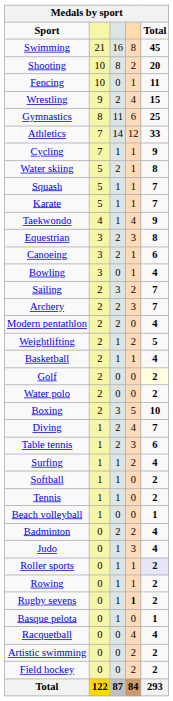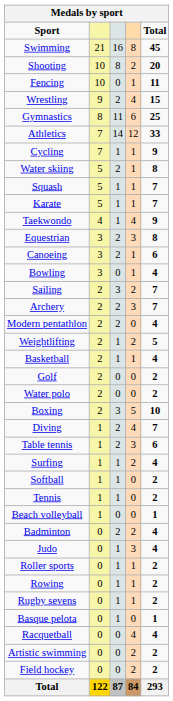 <table class=wikitable style="font-size:85%; float:right;text-align:center">
 <tr bgcolor=EFEFEF>
 <th colspan=7>Medals by sport</th>
 </tr>
 <tr>
 <td><strong>Sport</strong></td>
 <td bgcolor=F7F6A8></td>
 <td bgcolor=DCE5E5></td>
 <td bgcolor=FFDBA9></td>
 <td><strong>Total</strong></td>
 </tr>
 <tr>
 <td><a href='#'>Swimming</a></td>
 <td bgcolor=F7F6A8>21</td>
 <td bgcolor=DCE5E5>16</td>
 <td bgcolor=FFDAB9>8</td>
 <td><strong>45</strong></td>
 </tr>
 <tr>
 <td><a href='#'>Shooting</a></td>
 <td bgcolor=F7F6A8>10</td>
 <td bgcolor=DCE5E5>8</td>
 <td bgcolor=FFDAB9>2</td>
 <td><strong>20</strong></td>
 </tr>
 <tr>
 <td><a href='#'>Fencing</a></td>
 <td bgcolor=F7F6A8>10</td>
 <td bgcolor=DCE5E5>0</td>
 <td bgcolor=FFDAB9>1</td>
 <td><strong>11</strong></td>
 </tr>
 <tr>
 <td><a href='#'>Wrestling</a></td>
 <td bgcolor=F7F6A8>9</td>
 <td bgcolor=DCE5E5>2</td>
 <td bgcolor=FFDAB9>4</td>
 <td><strong>15</strong></td>
 </tr>
 <tr>
 <td><a href='#'>Gymnastics</a></td>
 <td bgcolor=F7F6A8>8</td>
 <td bgcolor=DCE5E5>11</td>
 <td bgcolor=FFDAB9>6</td>
 <td><strong>25</strong></td>
 </tr>
 <tr>
 <td><a href='#'>Athletics</a></td>
 <td bgcolor=F7F6A8>7</td>
 <td bgcolor=DCE5E5>14</td>
 <td bgcolor=FFDAB9>12</td>
 <td><strong>33</strong></td>
 </tr>
 <tr>
 <td><a href='#'>Cycling</a></td>
 <td bgcolor=F7F6A8>7</td>
 <td bgcolor=DCE5E5>1</td>
 <td bgcolor=FFDAB9>1</td>
 <td><strong>9</strong></td>
 </tr>
 <tr>
 <td><a href='#'>Water skiing</a></td>
 <td bgcolor=F7F6A8>5</td>
 <td bgcolor=DCE5E5>2</td>
 <td bgcolor=FFDAB9>1</td>
 <td><strong>8</strong></td>
 </tr>
 <tr>
 <td><a href='#'>Squash</a></td>
 <td bgcolor=F7F6A8>5</td>
 <td bgcolor=DCE5E5>1</td>
 <td bgcolor=FFDAB9>1</td>
 <td><strong>7</strong></td>
 </tr>
 <tr>
 <td><a href='#'>Karate</a></td>
 <td bgcolor=F7F6A8>5</td>
 <td bgcolor=DCE5E5>1</td>
 <td bgcolor=FFDAB9>1</td>
 <td><strong>7</strong></td>
 </tr>
 <tr>
 <td><a href='#'>Taekwondo</a></td>
 <td bgcolor=F7F6A8>4</td>
 <td bgcolor=DCE5E5>1</td>
 <td bgcolor=FFDAB9>4</td>
 <td><strong>9</strong></td>
 </tr>
 <tr>
 <td><a href='#'>Equestrian</a></td>
 <td bgcolor=F7F6A8>3</td>
 <td bgcolor=DCE5E5>2</td>
 <td bgcolor=FFDAB9>3</td>
 <td><strong>8</strong></td>
 </tr>
 <tr>
 <td><a href='#'>Canoeing</a></td>
 <td bgcolor=F7F6A8>3</td>
 <td bgcolor=DCE5E5>2</td>
 <td bgcolor=FFDAB9>1</td>
 <td><strong>6</strong></td>
 </tr>
 <tr>
 <td><a href='#'>Bowling</a></td>
 <td bgcolor=F7F6A8>3</td>
 <td bgcolor=DCE5E5>0</td>
 <td bgcolor=FFDAB9>1</td>
 <td><strong>4</strong></td>
 </tr>
 <tr>
 <td><a href='#'>Sailing</a></td>
 <td bgcolor=F7F6A8>2</td>
 <td bgcolor=DCE5E5>3</td>
 <td bgcolor=FFDAB9>2</td>
 <td><strong>7</strong></td>
 </tr>
 <tr>
 <td><a href='#'>Archery</a></td>
 <td bgcolor=F7F6A8>2</td>
 <td bgcolor=DCE5E5>2</td>
 <td bgcolor=FFDAB9>3</td>
 <td><strong>7</strong></td>
 </tr>
 <tr>
 <td><a href='#'>Modern pentathlon</a></td>
 <td bgcolor=F7F6A8>2</td>
 <td bgcolor=DCE5E5>2</td>
 <td bgcolor=FFDAB9>0</td>
 <td><strong>4</strong></td>
 </tr>
 <tr>
 <td><a href='#'>Weightlifting</a></td>
 <td bgcolor=F7F6A8>2</td>
 <td bgcolor=DCE5E5>1</td>
 <td bgcolor=FFDAB9>2</td>
 <td><strong>5</strong></td>
 </tr>
 <tr>
 <td><a href='#'>Basketball</a></td>
 <td bgcolor=F7F6A8>2</td>
 <td bgcolor=DCE5E5>1</td>
 <td bgcolor=FFDAB9>1</td>
 <td><strong>4</strong></td>
 </tr>
 <tr>
 <td><a href='#'>Golf</a></td>
 <td bgcolor=F7F6A8>2</td>
 <td bgcolor=DCE5E5>0</td>
 <td bgcolor=FFDAB9>0</td>
-<td style="background: lightyellow;"><strong>2</strong></td>
+<td><strong>2</strong></td>
 </tr>
 <tr>
 <td><a href='#'>Water polo</a></td>
 <td bgcolor=F7F6A8>2</td>
 <td bgcolor=DCE5E5>0</td>
 <td bgcolor=FFDAB9>0</td>
 <td><strong>2</strong></td>
 </tr>
 <tr>
 <td><a href='#'>Boxing</a></td>
 <td bgcolor=F7F6A8>2</td>
 <td bgcolor=DCE5E5>3</td>
 <td bgcolor=FFDAB9>5</td>
 <td><strong>10</strong></td>
 </tr>
 <tr>
 <td><a href='#'>Diving</a></td>
 <td bgcolor=F7F6A8>1</td>
 <td bgcolor=DCE5E5>2</td>
 <td bgcolor=FFDAB9>4</td>
 <td><strong>7</strong></td>
 </tr>
 <tr>
 <td><a href='#'>Table tennis</a></td>
 <td bgcolor=F7F6A8>1</td>
 <td bgcolor=DCE5E5>2</td>
 <td bgcolor=FFDAB9>3</td>
 <td><strong>6</strong></td>
 </tr>
 <tr>
 <td><a href='#'>Surfing</a></td>
 <td bgcolor=F7F6A8>1</td>
 <td bgcolor=DCE5E5>1</td>
 <td bgcolor=FFDAB9>2</td>
 <td><strong>4</strong></td>
 </tr>
 <tr>
 <td><a href='#'>Softball</a></td>
 <td bgcolor=F7F6A8>1</td>
 <td bgcolor=DCE5E5>1</td>
 <td bgcolor=FFDAB9>0</td>
 <td><strong>2</strong></td>
 </tr>
 <tr>
 <td><a href='#'>Tennis</a></td>
 <td bgcolor=F7F6A8>1</td>
 <td bgcolor=DCE5E5>1</td>
 <td bgcolor=FFDAB9>0</td>
 <td><strong>2</strong></td>
 </tr>
 <tr>
 <td><a href='#'>Beach volleyball</a></td>
 <td bgcolor=F7F6A8>1</td>
 <td bgcolor=DCE5E5>0</td>
 <td bgcolor=FFDAB9>0</td>
 <td><strong>1</strong></td>
 </tr>
 <tr>
 <td><a href='#'>Badminton</a></td>
 <td bgcolor=F7F6A8>0</td>
 <td bgcolor=DCE5E5>2</td>
 <td bgcolor=FFDAB9>2</td>
 <td><strong>4</strong></td>
 </tr>
 <tr>
 <td><a href='#'>Judo</a></td>
 <td bgcolor=F7F6A8>0</td>
 <td bgcolor=DCE5E5>1</td>
 <td bgcolor=FFDAB9>3</td>
 <td><strong>4</strong></td>
 </tr>
 <tr>
 <td><a href='#'>Roller sports</a></td>
 <td bgcolor=F7F6A8>0</td>
 <td bgcolor=DCE5E5>1</td>
 <td bgcolor=FFDAB9>1</td>
-<td style="background: lavender;"><strong>2</strong></td>
+<td><strong>2</strong></td>
 </tr>
 <tr>
 <td><a href='#'>Rowing</a></td>
 <td bgcolor=F7F6A8>0</td>
 <td bgcolor=DCE5E5>1</td>
 <td bgcolor=FFDAB9>1</td>
 <td><strong>2</strong></td>
 </tr>
 <tr>
 <td><a href='#'>Rugby sevens</a></td>
 <td bgcolor=F7F6A8>0</td>
 <td bgcolor=DCE5E5>1</td>
-<td bgcolor=FFDAB9><strong>1</strong></td>
+<td bgcolor=FFDAB9>1</td>
 <td><strong>2</strong></td>
 </tr>
 <tr>
 <td><a href='#'>Basque pelota</a></td>
 <td bgcolor=F7F6A8>0</td>
 <td bgcolor=DCE5E5>1</td>
 <td bgcolor=FFDAB9>0</td>
 <td><strong>1</strong></td>
 </tr>
 <tr>
 <td><a href='#'>Racquetball</a></td>
 <td bgcolor=F7F6A8>0</td>
 <td bgcolor=DCE5E5>0</td>
 <td bgcolor=FFDAB9>4</td>
 <td><strong>4</strong></td>
 </tr>
 <tr>
 <td><a href='#'>Artistic swimming</a></td>
 <td bgcolor=F7F6A8>0</td>
 <td bgcolor=DCE5E5>0</td>
 <td bgcolor=FFDAB9>2</td>
 <td><strong>2</strong></td>
 </tr>
 <tr>
 <td><a href='#'>Field hockey</a></td>
 <td bgcolor=F7F6A8>0</td>
 <td bgcolor=DCE5E5>0</td>
 <td bgcolor=FFDAB9>2</td>
 <td><strong>2</strong></td>
 </tr>
 <tr>
 <th>Total</th>
 <th style=background:gold>122</th>
 <th style=background:silver>87</th>
 <th style=background:#C96>84</th>
 <th>293</th>
 </tr>
 </table>
